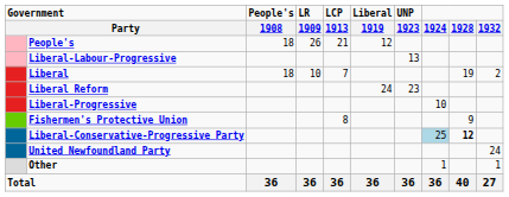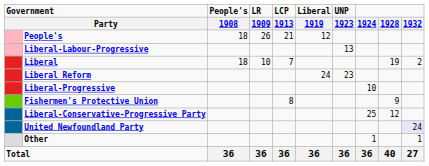 <table class="wikitable">
 <tr>
 <td colspan = "2"><strong>Government</strong></td>
 <td><strong>People's</strong></td>
 <td><strong>LR</strong></td>
 <td><strong>LCP</strong></td>
 <td><strong>Liberal</strong></td>
 <td><strong>UNP</strong></td>
 </tr>
 <tr>
 <th colspan = "2">Party</th>
 <th><a href='#'>1908</a></th>
 <th><a href='#'>1909</a></th>
 <th><a href='#'>1913</a></th>
 <th><a href='#'>1919</a></th>
 <th><a href='#'>1923</a></th>
 <th><a href='#'>1924</a></th>
 <th><a href='#'>1928</a></th>
 <th><a href='#'>1932</a></th>
 </tr>
 <tr align = "right">
 <td bgcolor="#FFB6C1">   </td>
 <td align="left"><strong><a href='#'>People's</a></strong></td>
 <td>18</td>
 <td>26</td>
 <td>21</td>
 <td>12</td>
 <td></td>
 <td></td>
 <td></td>
 <td></td>
 </tr>
 <tr align = "right">
 <td bgcolor="#FFB6C1">   </td>
 <td align="left"><strong><a href='#'>Liberal-Labour-Progressive</a></strong></td>
 <td></td>
 <td></td>
 <td></td>
 <td></td>
 <td>13</td>
 <td></td>
 <td></td>
 <td></td>
 </tr>
 <tr align = "right">
 <td bgcolor="#E62020">   </td>
 <td align="left"><strong><a href='#'>Liberal</a></strong></td>
 <td>18</td>
 <td>10</td>
 <td>7</td>
 <td></td>
 <td></td>
 <td></td>
 <td>19</td>
 <td>2</td>
 </tr>
 <tr align = "right">
 <td bgcolor="#E62020">   </td>
 <td align="left"><strong><a href='#'>Liberal Reform</a></strong></td>
 <td></td>
 <td></td>
 <td></td>
 <td>24</td>
 <td>23</td>
 <td></td>
 <td></td>
 <td></td>
 </tr>
 <tr align = "right">
 <td bgcolor="#E62020">   </td>
 <td align="left"><strong><a href='#'>Liberal-Progressive</a></strong></td>
 <td></td>
 <td></td>
 <td></td>
 <td></td>
 <td></td>
 <td>10</td>
 <td></td>
 <td></td>
 </tr>
 <tr align = "right">
 <td bgcolor="#66CC00">   </td>
 <td align="left"><strong><a href='#'>Fishermen's Protective Union</a></strong></td>
 <td></td>
 <td></td>
 <td>8</td>
 <td></td>
 <td></td>
 <td></td>
 <td>9</td>
 <td></td>
 </tr>
 <tr align = "right">
 <td bgcolor="#006699">   </td>
 <td align="left"><strong><a href='#'>Liberal-Conservative-Progressive Party</a></strong></td>
 <td></td>
 <td></td>
 <td></td>
 <td></td>
 <td></td>
-<td style="background: lightblue;">25</td>
-<td><strong>12</strong></td>
+<td>25</td>
+<td>12</td>
 <td></td>
 </tr>
 <tr align = "right">
 <td bgcolor="#006699">   </td>
 <td align="left"><strong><a href='#'>United Newfoundland Party</a></strong></td>
 <td></td>
 <td></td>
 <td></td>
 <td></td>
 <td></td>
 <td></td>
 <td></td>
-<td>24</td>
+<td style="background: lavender;">24</td>
 </tr>
 <tr align = "right">
 <td bgcolor="#DCDCDC">   </td>
 <td align="left"><strong>Other</strong></td>
 <td></td>
 <td></td>
 <td></td>
 <td></td>
 <td></td>
 <td>1</td>
 <td></td>
 <td>1</td>
 </tr>
 <tr align = "right">
 <td colspan = "2" align="left"><strong>Total</strong></td>
 <th><strong><big>36</big></strong></th>
 <th><strong><big>36</big></strong></th>
 <th><strong><big>36</big></strong></th>
 <th><strong><big>36</big></strong></th>
 <th><strong><big>36</big></strong></th>
 <th><strong><big>36</big></strong></th>
 <th><strong><big>40</big></strong></th>
 <th><strong><big>27</big></strong></th>
 </tr>
 </table>
